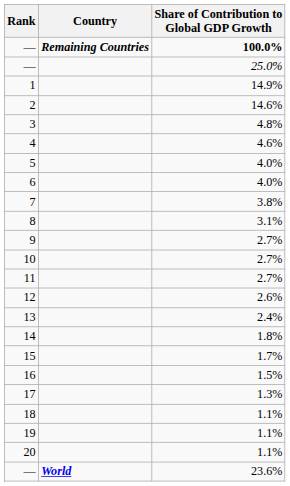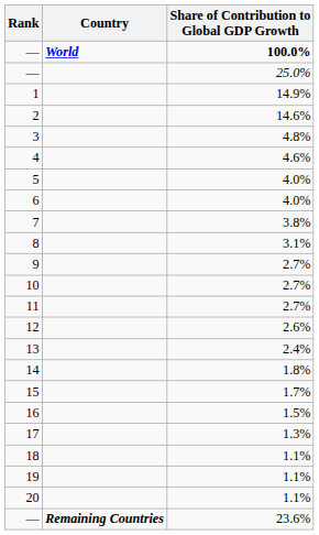 <table class="wikitable" style="text-align: right; display:inline-table;">
 <tr>
 <th style="width:2em;">Rank</th>
 <th>Country</th>
 <th>Share of Contribution to<br>Global GDP Growth</th>
 </tr>
 <tr>
 <td>—</td>
-<td align=left><strong><em>Remaining Countries</em></strong></td>
+<td align=left> <strong><em><a href='#'>World</a></em></strong></td>
 <td><strong>100.0%</strong></td>
 </tr>
 <tr>
 <td>—</td>
 <td align=left><strong><em></em></strong></td>
 <td><em>25.0%</em></td>
 </tr>
 <tr>
 <td>1</td>
 <td align=left><strong></strong></td>
 <td>14.9%</td>
 </tr>
 <tr>
 <td>2</td>
 <td align=left><strong></strong></td>
 <td>14.6%</td>
 </tr>
 <tr>
 <td>3</td>
 <td align=left><strong></strong></td>
 <td>4.8%</td>
 </tr>
 <tr>
 <td>4</td>
 <td align=left><strong></strong></td>
 <td>4.6%</td>
 </tr>
 <tr>
 <td>5</td>
 <td align=left><strong></strong></td>
 <td>4.0%</td>
 </tr>
 <tr>
 <td>6</td>
 <td align=left><strong></strong></td>
 <td>4.0%</td>
 </tr>
 <tr>
 <td>7</td>
 <td align=left><strong></strong></td>
 <td>3.8%</td>
 </tr>
 <tr>
 <td>8</td>
 <td align=left><strong></strong></td>
 <td>3.1%</td>
 </tr>
 <tr>
 <td>9</td>
 <td align=left><strong></strong></td>
 <td>2.7%</td>
 </tr>
 <tr>
 <td>10</td>
 <td align=left><strong></strong></td>
 <td>2.7%</td>
 </tr>
 <tr>
 <td>11</td>
 <td align=left><strong></strong></td>
 <td>2.7%</td>
 </tr>
 <tr>
 <td>12</td>
 <td align=left><strong></strong></td>
 <td>2.6%</td>
 </tr>
 <tr>
 <td>13</td>
 <td align=left><strong></strong></td>
 <td>2.4%</td>
 </tr>
 <tr>
 <td>14</td>
 <td align=left><strong></strong></td>
 <td>1.8%</td>
 </tr>
 <tr>
 <td>15</td>
 <td align=left><strong></strong></td>
 <td>1.7%</td>
 </tr>
 <tr>
 <td>16</td>
 <td align=left><strong></strong></td>
 <td>1.5%</td>
 </tr>
 <tr>
 <td>17</td>
 <td align=left><strong></strong></td>
 <td>1.3%</td>
 </tr>
 <tr>
 <td>18</td>
 <td align=left><strong></strong></td>
 <td>1.1%</td>
 </tr>
 <tr>
 <td>19</td>
 <td align=left><strong></strong></td>
 <td>1.1%</td>
 </tr>
 <tr>
 <td>20</td>
 <td align=left><strong></strong></td>
 <td>1.1%</td>
 </tr>
 <tr>
 <td>—</td>
-<td align=left> <strong><em><a href='#'>World</a></em></strong></td>
+<td align=left><strong><em>Remaining Countries</em></strong></td>
 <td>23.6%</td>
 </tr>
 </table>
